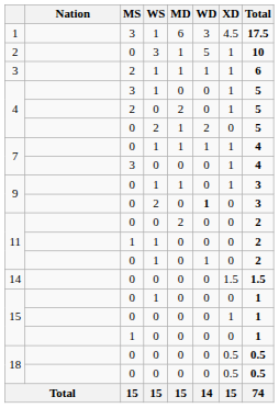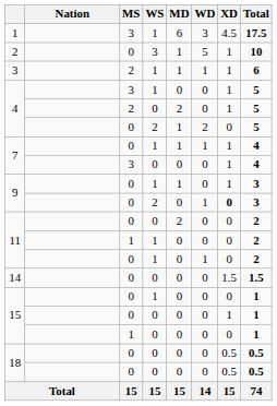 <table class="wikitable" style="text-align:center">
 <tr>
 <th width="20"></th>
 <th width="120">Nation</th>
 <th width="20">MS</th>
 <th width="20">WS</th>
 <th width="20">MD</th>
 <th width="20">WD</th>
 <th width="20">XD</th>
 <th>Total</th>
 </tr>
 <tr>
 <td>1</td>
 <td align="left"><strong></strong></td>
 <td>3</td>
 <td>1</td>
 <td>6</td>
 <td>3</td>
 <td>4.5</td>
 <td><strong>17.5</strong></td>
 </tr>
 <tr>
 <td>2</td>
 <td align="left"></td>
 <td>0</td>
 <td>3</td>
 <td>1</td>
 <td>5</td>
 <td>1</td>
 <td><strong>10</strong></td>
 </tr>
 <tr>
 <td>3</td>
 <td align="left"></td>
 <td>2</td>
 <td>1</td>
 <td>1</td>
 <td>1</td>
 <td>1</td>
 <td><strong>6</strong></td>
 </tr>
 <tr>
 <td rowspan="3">4</td>
 <td align="left"></td>
 <td>3</td>
 <td>1</td>
 <td>0</td>
 <td>0</td>
 <td>1</td>
 <td><strong>5</strong></td>
 </tr>
 <tr>
 <td align="left"></td>
 <td>2</td>
 <td>0</td>
 <td>2</td>
 <td>0</td>
 <td>1</td>
 <td><strong>5</strong></td>
 </tr>
 <tr>
 <td align="left"></td>
 <td>0</td>
 <td>2</td>
 <td>1</td>
 <td>2</td>
 <td>0</td>
 <td><strong>5</strong></td>
 </tr>
 <tr>
 <td rowspan=2>7</td>
 <td align="left"></td>
 <td>0</td>
 <td>1</td>
 <td>1</td>
 <td>1</td>
 <td>1</td>
 <td><strong>4</strong></td>
 </tr>
 <tr>
 <td align="left"></td>
 <td>3</td>
 <td>0</td>
 <td>0</td>
 <td>0</td>
 <td>1</td>
 <td><strong>4</strong></td>
 </tr>
 <tr>
 <td rowspan="2">9</td>
 <td align="left"></td>
 <td>0</td>
 <td>1</td>
 <td>1</td>
 <td>0</td>
 <td>1</td>
 <td><strong>3</strong></td>
 </tr>
 <tr>
 <td align="left"></td>
 <td>0</td>
 <td>2</td>
 <td>0</td>
-<td><strong>1</strong></td>
-<td>0</td>
+<td>1</td>
+<td><strong>0</strong></td>
 <td><strong>3</strong></td>
 </tr>
 <tr>
 <td rowspan=3>11</td>
 <td align="left"></td>
 <td>0</td>
 <td>0</td>
 <td>2</td>
 <td>0</td>
 <td>0</td>
 <td><strong>2</strong></td>
 </tr>
 <tr>
 <td align="left"></td>
 <td>1</td>
 <td>1</td>
 <td>0</td>
 <td>0</td>
 <td>0</td>
 <td><strong>2</strong></td>
 </tr>
 <tr>
 <td align="left"></td>
 <td>0</td>
 <td>1</td>
 <td>0</td>
 <td>1</td>
 <td>0</td>
 <td><strong>2</strong></td>
 </tr>
 <tr>
 <td>14</td>
 <td align="left"></td>
 <td>0</td>
 <td>0</td>
 <td>0</td>
 <td>0</td>
 <td>1.5</td>
 <td><strong>1.5</strong></td>
 </tr>
 <tr>
 <td rowspan=3>15</td>
 <td align="left"></td>
 <td>0</td>
 <td>1</td>
 <td>0</td>
 <td>0</td>
 <td>0</td>
 <td><strong>1</strong></td>
 </tr>
 <tr>
 <td align="left"></td>
 <td>0</td>
 <td>0</td>
 <td>0</td>
 <td>0</td>
 <td>1</td>
 <td><strong>1</strong></td>
 </tr>
 <tr>
 <td align="left"></td>
 <td>1</td>
 <td>0</td>
 <td>0</td>
 <td>0</td>
 <td>0</td>
 <td><strong>1</strong></td>
 </tr>
 <tr>
 <td rowspan=2>18</td>
 <td align="left"></td>
 <td>0</td>
 <td>0</td>
 <td>0</td>
 <td>0</td>
 <td>0.5</td>
 <td><strong>0.5</strong></td>
 </tr>
 <tr>
 <td align="left"></td>
 <td>0</td>
 <td>0</td>
 <td>0</td>
 <td>0</td>
 <td>0.5</td>
 <td><strong>0.5</strong></td>
 </tr>
 <tr>
 <th colspan="2">Total</th>
 <th>15</th>
 <th>15</th>
 <th>15</th>
 <th>14</th>
 <th>15</th>
 <th>74</th>
 </tr>
 </table>
